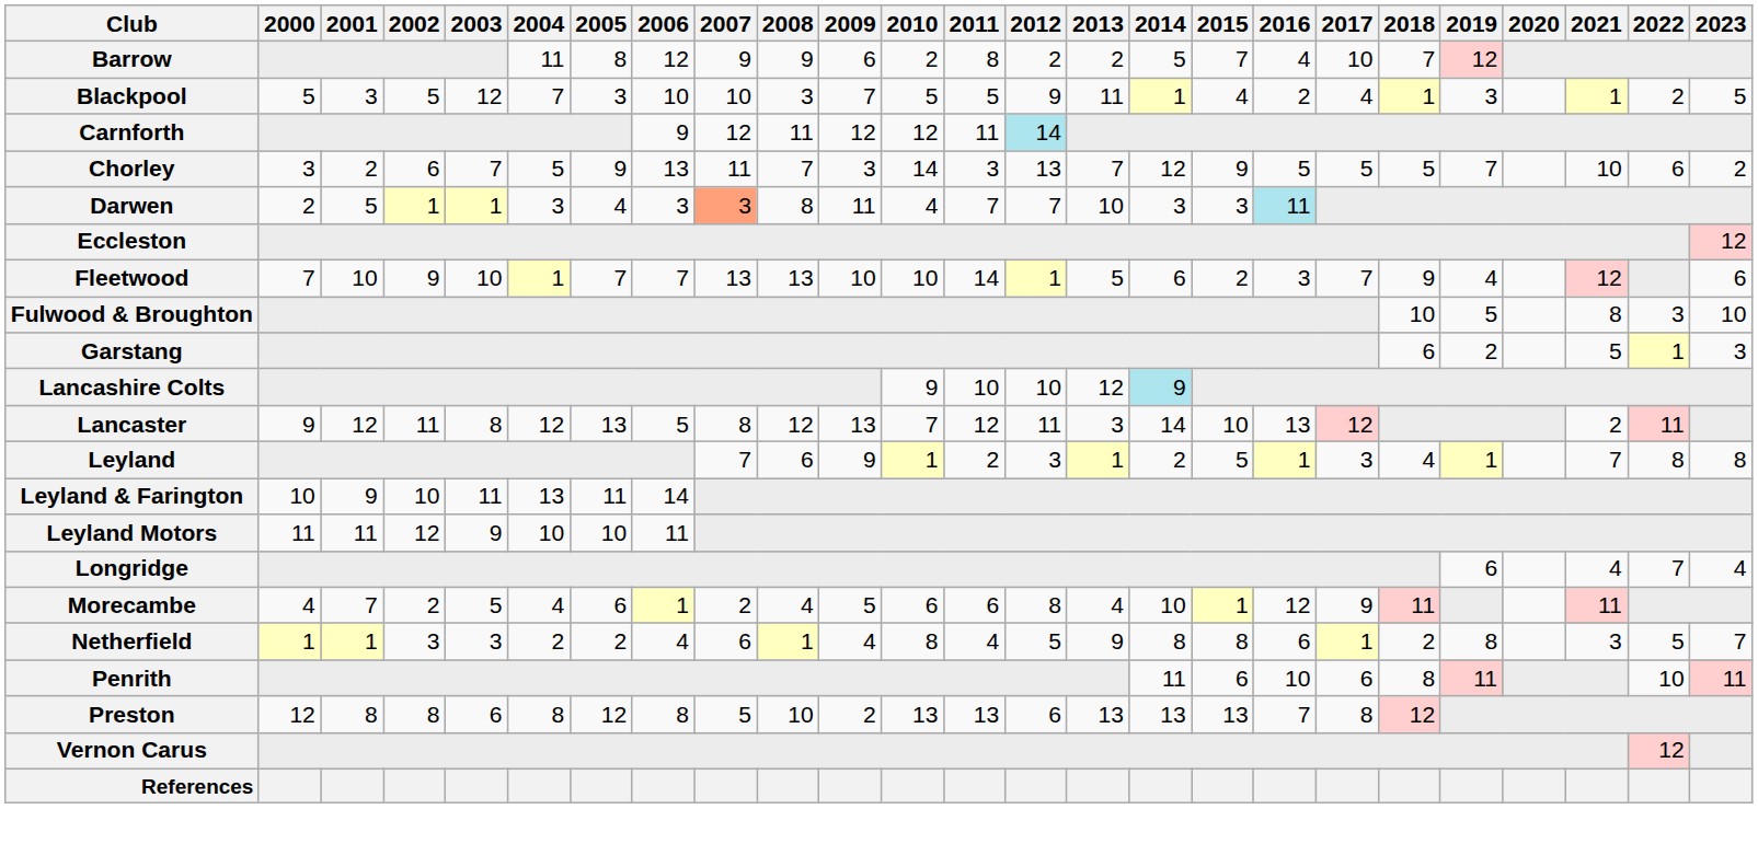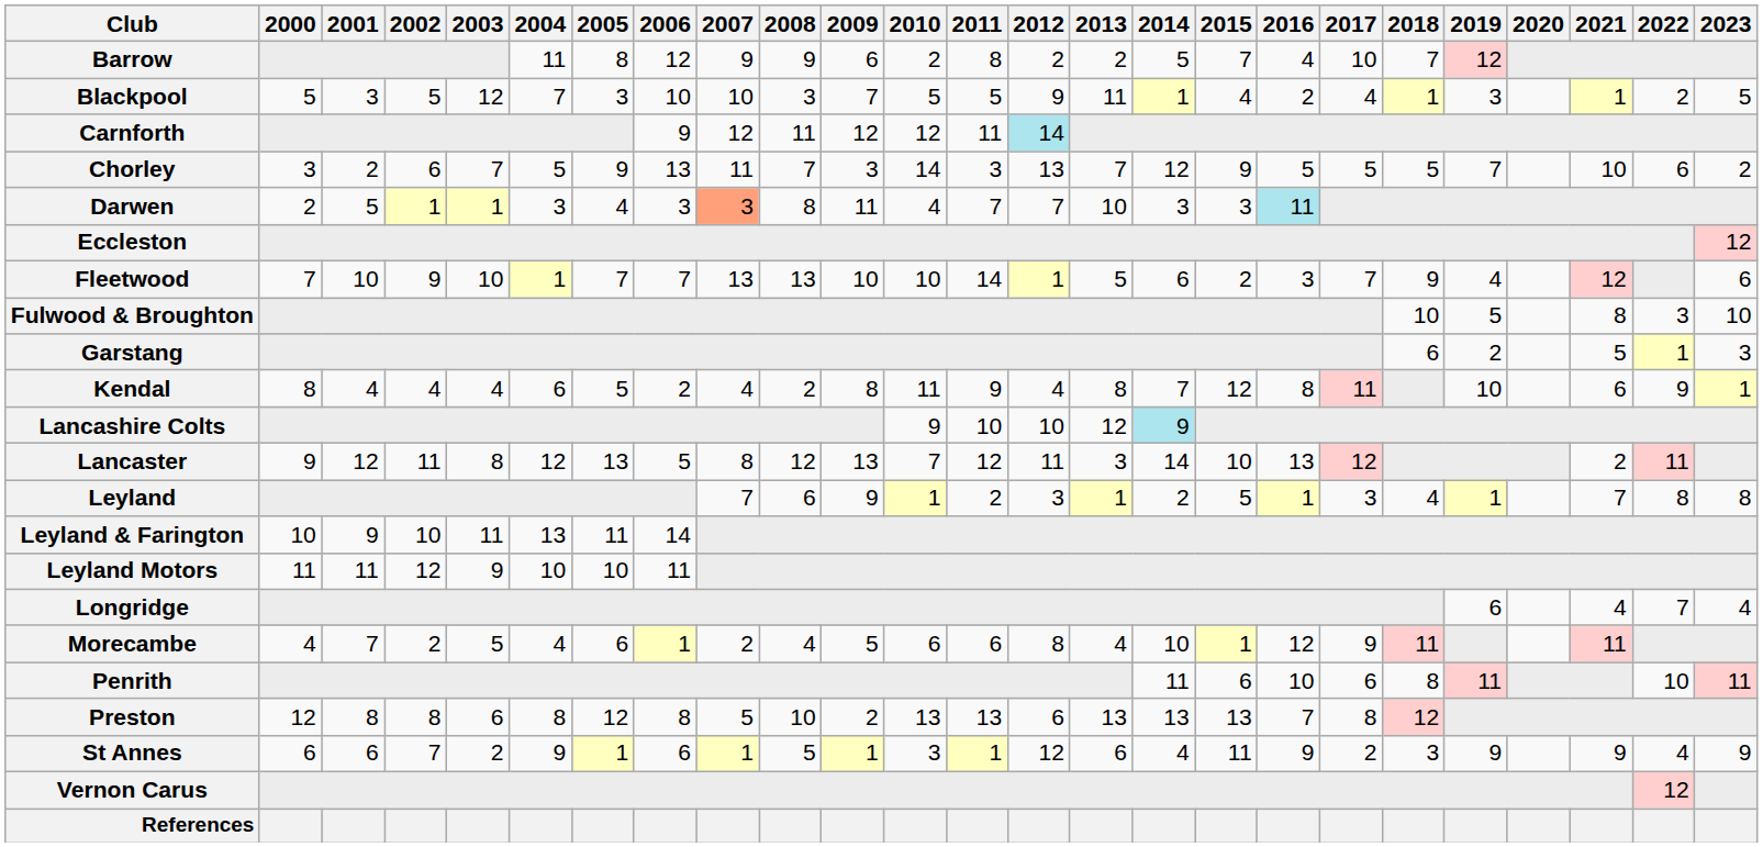 <table class="wikitable plainrowheaders" style="font-size:85%; text-align: right;">
 <tr>
 <th scope="col">Club</th>
 <th scope="col">2000</th>
 <th scope="col">2001</th>
 <th scope="col">2002</th>
 <th scope="col">2003</th>
 <th scope="col">2004</th>
 <th scope="col">2005</th>
 <th scope="col">2006</th>
 <th scope="col">2007</th>
 <th scope="col">2008</th>
 <th scope="col">2009</th>
 <th scope="col">2010</th>
 <th scope="col">2011</th>
 <th scope="col">2012</th>
 <th scope="col">2013</th>
 <th scope="col">2014</th>
 <th scope="col">2015</th>
 <th scope="col">2016</th>
 <th scope="col">2017</th>
 <th scope="col">2018</th>
 <th scope="col">2019</th>
 <th scope="col">2020</th>
 <th scope="col">2021</th>
 <th scope="col">2022</th>
 <th scope="col">2023</th>
 </tr>
 <tr>
 <th scope="row">Barrow</th>
 <td bgcolor="#ececec" colspan="4"></td>
 <td>11</td>
 <td>8</td>
 <td>12</td>
 <td>9</td>
 <td>9</td>
 <td>6</td>
 <td>2</td>
 <td>8</td>
 <td>2</td>
 <td>2</td>
 <td>5</td>
 <td>7</td>
 <td>4</td>
 <td>10</td>
 <td>7</td>
 <td bgcolor="#ffcfcf">12</td>
 <td bgcolor="#ececec" colspan="4"></td>
 </tr>
 <tr>
 <th scope="row">Blackpool</th>
 <td>5</td>
 <td>3</td>
 <td>5</td>
 <td>12</td>
 <td>7</td>
 <td>3</td>
 <td>10</td>
 <td>10</td>
 <td>3</td>
 <td>7</td>
 <td>5</td>
 <td>5</td>
 <td>9</td>
 <td>11</td>
 <td bgcolor="#ffffbf">1</td>
 <td>4</td>
 <td>2</td>
 <td>4</td>
 <td bgcolor="#ffffbf">1</td>
 <td>3</td>
 <td></td>
 <td bgcolor="#ffffbf">1</td>
 <td>2</td>
 <td>5</td>
 </tr>
 <tr>
 <th scope="row">Carnforth </th>
 <td bgcolor="#ececec" colspan="6"></td>
 <td>9</td>
 <td>12</td>
 <td>11</td>
 <td>12</td>
 <td>12</td>
 <td>11</td>
 <td bgcolor="#ace5ee">14</td>
 <td bgcolor="#ececec" colspan="11"></td>
 </tr>
 <tr>
 <th scope="row">Chorley</th>
 <td>3</td>
 <td>2</td>
 <td>6</td>
 <td>7</td>
 <td>5</td>
 <td>9</td>
 <td>13</td>
 <td>11</td>
 <td>7</td>
 <td>3</td>
 <td>14</td>
 <td>3</td>
 <td>13</td>
 <td>7</td>
 <td>12</td>
 <td>9</td>
 <td>5</td>
 <td>5</td>
 <td>5</td>
 <td>7</td>
 <td></td>
 <td>10</td>
 <td>6</td>
 <td>2</td>
 </tr>
 <tr>
 <th scope="row">Darwen </th>
 <td>2</td>
 <td>5</td>
 <td bgcolor="#ffffbf">1</td>
 <td bgcolor="#ffffbf">1</td>
 <td>3</td>
 <td>4</td>
 <td>3</td>
 <td style="background: lightsalmon;">3</td>
 <td>8</td>
 <td>11</td>
 <td>4</td>
 <td>7</td>
 <td>7</td>
 <td>10</td>
 <td>3</td>
 <td>3</td>
 <td bgcolor="#ace5ee">11</td>
 <td bgcolor="#ececec" colspan="7"></td>
 </tr>
 <tr>
 <th scope="row">Eccleston</th>
 <td bgcolor="#ececec" colspan="23"></td>
 <td bgcolor="#ffcfcf">12</td>
 </tr>
 <tr>
 <th scope="row">Fleetwood</th>
 <td>7</td>
 <td>10</td>
 <td>9</td>
 <td>10</td>
 <td bgcolor="#ffffbf">1</td>
 <td>7</td>
 <td>7</td>
 <td>13</td>
 <td>13</td>
 <td>10</td>
 <td>10</td>
 <td>14</td>
 <td bgcolor="#ffffbf">1</td>
 <td>5</td>
 <td>6</td>
 <td>2</td>
 <td>3</td>
 <td>7</td>
 <td>9</td>
 <td>4</td>
 <td></td>
 <td bgcolor="#ffcfcf">12</td>
 <td bgcolor="#ececec" colspan="1"></td>
 <td>6</td>
 </tr>
 <tr>
 <th scope="row">Fulwood & Broughton</th>
 <td bgcolor="#ececec" colspan="18"></td>
 <td>10</td>
 <td>5</td>
 <td></td>
 <td>8</td>
 <td>3</td>
 <td>10</td>
 </tr>
 <tr>
 <th scope="row">Garstang</th>
 <td bgcolor="#ececec" colspan="18"></td>
 <td>6</td>
 <td>2</td>
 <td></td>
 <td>5</td>
 <td bgcolor="#ffffbf">1</td>
 <td>3</td>
 </tr>
 <tr>
+<th scope="row">Kendal</th>
+<td>8</td>
+<td>4</td>
+<td>4</td>
+<td>4</td>
+<td>6</td>
+<td>5</td>
+<td>2</td>
+<td>4</td>
+<td>2</td>
+<td>8</td>
+<td>11</td>
+<td>9</td>
+<td>4</td>
+<td>8</td>
+<td>7</td>
+<td>12</td>
+<td>8</td>
+<td bgcolor="#ffcfcf">11</td>
+<td bgcolor="#ececec"></td>
+<td>10</td>
+<td></td>
+<td>6</td>
+<td>9</td>
+<td bgcolor="#ffffbf">1</td>
+</tr>
+<tr>
 <th scope="row">Lancashire Colts </th>
 <td bgcolor="#ececec" colspan="10"></td>
 <td>9</td>
 <td>10</td>
 <td>10</td>
 <td>12</td>
 <td bgcolor="#ace5ee">9</td>
 <td bgcolor="#ececec" colspan="9"></td>
 </tr>
 <tr>
 <th scope="row">Lancaster</th>
 <td>9</td>
 <td>12</td>
 <td>11</td>
 <td>8</td>
 <td>12</td>
 <td>13</td>
 <td>5</td>
 <td>8</td>
 <td>12</td>
 <td>13</td>
 <td>7</td>
 <td>12</td>
 <td>11</td>
 <td>3</td>
 <td>14</td>
 <td>10</td>
 <td>13</td>
 <td bgcolor="#ffcfcf">12</td>
 <td bgcolor="#ececec" colspan="3"></td>
 <td>2</td>
 <td bgcolor="#ffcfcf">11</td>
 <td bgcolor="#ececec" colspan="1"></td>
 </tr>
 <tr>
 <th scope="row">Leyland </th>
 <td bgcolor="#ececec" colspan="7"></td>
 <td>7</td>
 <td>6</td>
 <td>9</td>
 <td bgcolor="#ffffbf">1</td>
 <td>2</td>
 <td>3</td>
 <td bgcolor="#ffffbf">1</td>
 <td>2</td>
 <td>5</td>
 <td bgcolor="#ffffbf">1</td>
 <td>3</td>
 <td>4</td>
 <td bgcolor="#ffffbf">1</td>
 <td></td>
 <td>7</td>
 <td>8</td>
 <td>8</td>
 </tr>
 <tr>
 <th scope="row">Leyland & Farington </th>
 <td>10</td>
 <td>9</td>
 <td>10</td>
 <td>11</td>
 <td>13</td>
 <td>11</td>
 <td>14</td>
 <td bgcolor="#ececec" colspan="17"></td>
 </tr>
 <tr>
 <th scope="row">Leyland Motors </th>
 <td>11</td>
 <td>11</td>
 <td>12</td>
 <td>9</td>
 <td>10</td>
 <td>10</td>
 <td>11</td>
 <td bgcolor="#ececec" colspan="17"></td>
 </tr>
 <tr>
 <th scope="row">Longridge</th>
 <td bgcolor="#ececec" colspan="19"></td>
 <td>6</td>
 <td></td>
 <td>4</td>
 <td>7</td>
 <td>4</td>
 </tr>
 <tr>
 <th scope="row">Morecambe</th>
 <td>4</td>
 <td>7</td>
 <td>2</td>
 <td>5</td>
 <td>4</td>
 <td>6</td>
 <td bgcolor="#ffffbf">1</td>
 <td>2</td>
 <td>4</td>
 <td>5</td>
 <td>6</td>
 <td>6</td>
 <td>8</td>
 <td>4</td>
 <td>10</td>
 <td bgcolor="#ffffbf">1</td>
 <td>12</td>
 <td>9</td>
 <td bgcolor="#ffcfcf">11</td>
 <td bgcolor="#ececec"></td>
 <td></td>
 <td bgcolor="#ffcfcf">11</td>
 <td bgcolor="#ececec" colspan="2"></td>
 </tr>
 <tr>
-<th scope="row">Netherfield</th>
-<td bgcolor="#ffffbf">1</td>
-<td bgcolor="#ffffbf">1</td>
-<td>3</td>
-<td>3</td>
-<td>2</td>
-<td>2</td>
-<td>4</td>
-<td>6</td>
-<td bgcolor="#ffffbf">1</td>
-<td>4</td>
-<td>8</td>
-<td>4</td>
-<td>5</td>
-<td>9</td>
-<td>8</td>
-<td>8</td>
-<td>6</td>
-<td bgcolor="#ffffbf">1</td>
-<td>2</td>
-<td>8</td>
-<td></td>
-<td>3</td>
-<td>5</td>
-<td>7</td>
-</tr>
-<tr>
 <th scope="row">Penrith</th>
 <td bgcolor="#ececec" colspan="14"></td>
 <td>11</td>
 <td>6</td>
 <td>10</td>
 <td>6</td>
 <td>8</td>
 <td bgcolor="#ffcfcf">11</td>
 <td bgcolor="#ececec" colspan="2"></td>
 <td>10</td>
 <td bgcolor="#ffcfcf">11</td>
 </tr>
 <tr>
 <th scope="row">Preston</th>
 <td>12</td>
 <td>8</td>
 <td>8</td>
 <td>6</td>
 <td>8</td>
 <td>12</td>
 <td>8</td>
 <td>5</td>
 <td>10</td>
 <td>2</td>
 <td>13</td>
 <td>13</td>
 <td>6</td>
 <td>13</td>
 <td>13</td>
 <td>13</td>
 <td>7</td>
 <td>8</td>
 <td bgcolor="#ffcfcf">12</td>
 <td bgcolor="#ececec" colspan="5"></td>
 </tr>
 <tr>
+<th scope="row">St Annes</th>
+<td>6</td>
+<td>6</td>
+<td>7</td>
+<td>2</td>
+<td>9</td>
+<td bgcolor="#ffffbf">1</td>
+<td>6</td>
+<td bgcolor="#ffffbf">1</td>
+<td>5</td>
+<td bgcolor="#ffffbf">1</td>
+<td>3</td>
+<td bgcolor="#ffffbf">1</td>
+<td>12</td>
+<td>6</td>
+<td>4</td>
+<td>11</td>
+<td>9</td>
+<td>2</td>
+<td>3</td>
+<td>9</td>
+<td></td>
+<td>9</td>
+<td>4</td>
+<td>9</td>
+</tr>
+<tr>
 <th scope="row">Vernon Carus</th>
 <td bgcolor="#ececec" colspan="22"></td>
 <td bgcolor="#ffcfcf">12</td>
 <td bgcolor="#ececec" colspan="1"></td>
 </tr>
 <tr style="font-size:90%; text-align:center">
 <th scope="row" style="text-align: right">References</th>
 <th scope="col"></th>
 <th scope="col"></th>
 <th scope="col"></th>
 <th scope="col"></th>
 <th scope="col"></th>
 <th scope="col"></th>
 <th scope="col"></th>
 <th scope="col"></th>
 <th scope="col"></th>
 <th scope="col"></th>
 <th scope="col"></th>
 <th scope="col"></th>
 <th scope="col"></th>
 <th scope="col"></th>
 <th scope="col"></th>
 <th scope="col"></th>
 <th scope="col"></th>
 <th scope="col"></th>
 <th scope="col"></th>
 <th scope="col"></th>
 <th scope="col"></th>
 <th scope="col"></th>
 <th scope="col"></th>
 <th scope="col"></th>
 </tr>
 </table>
